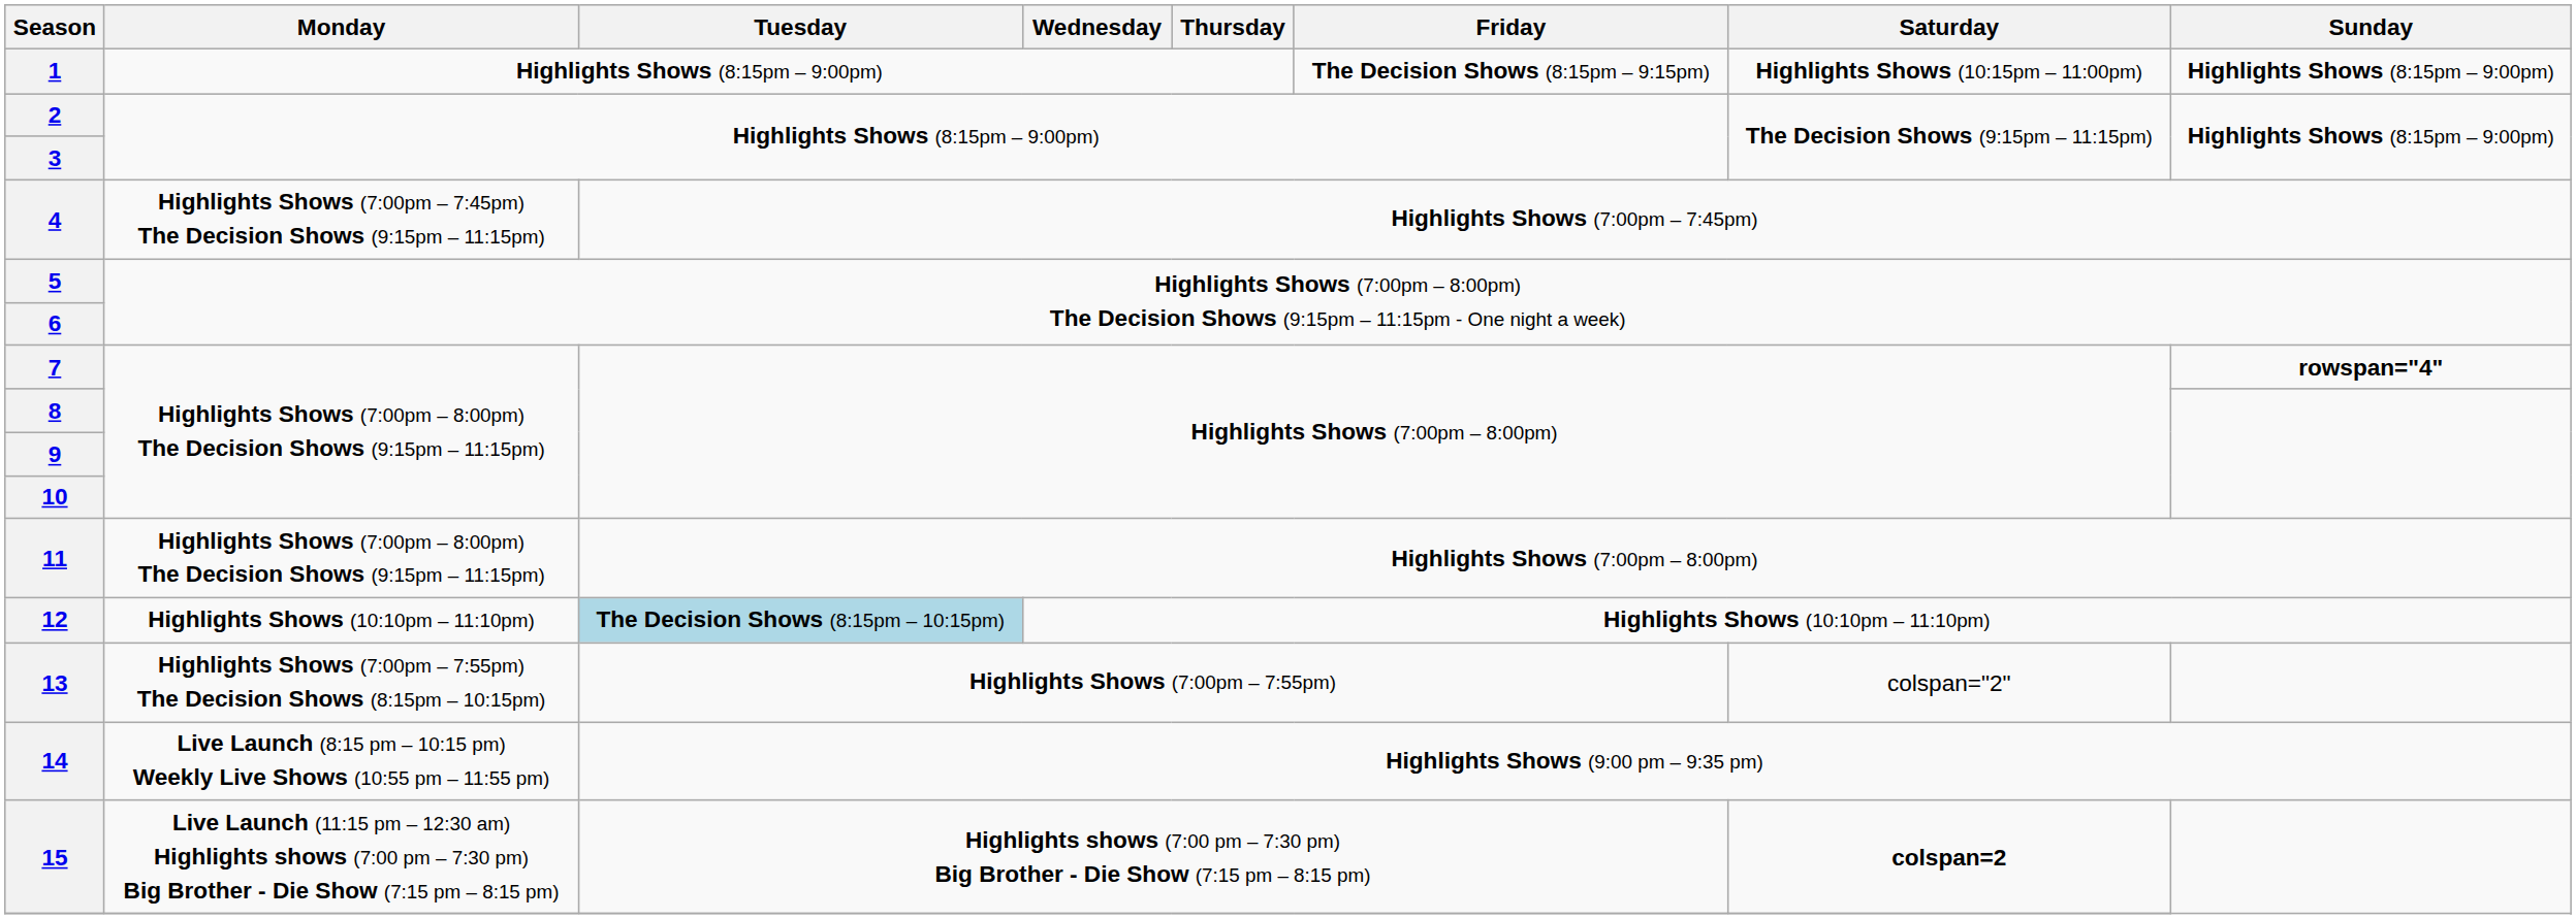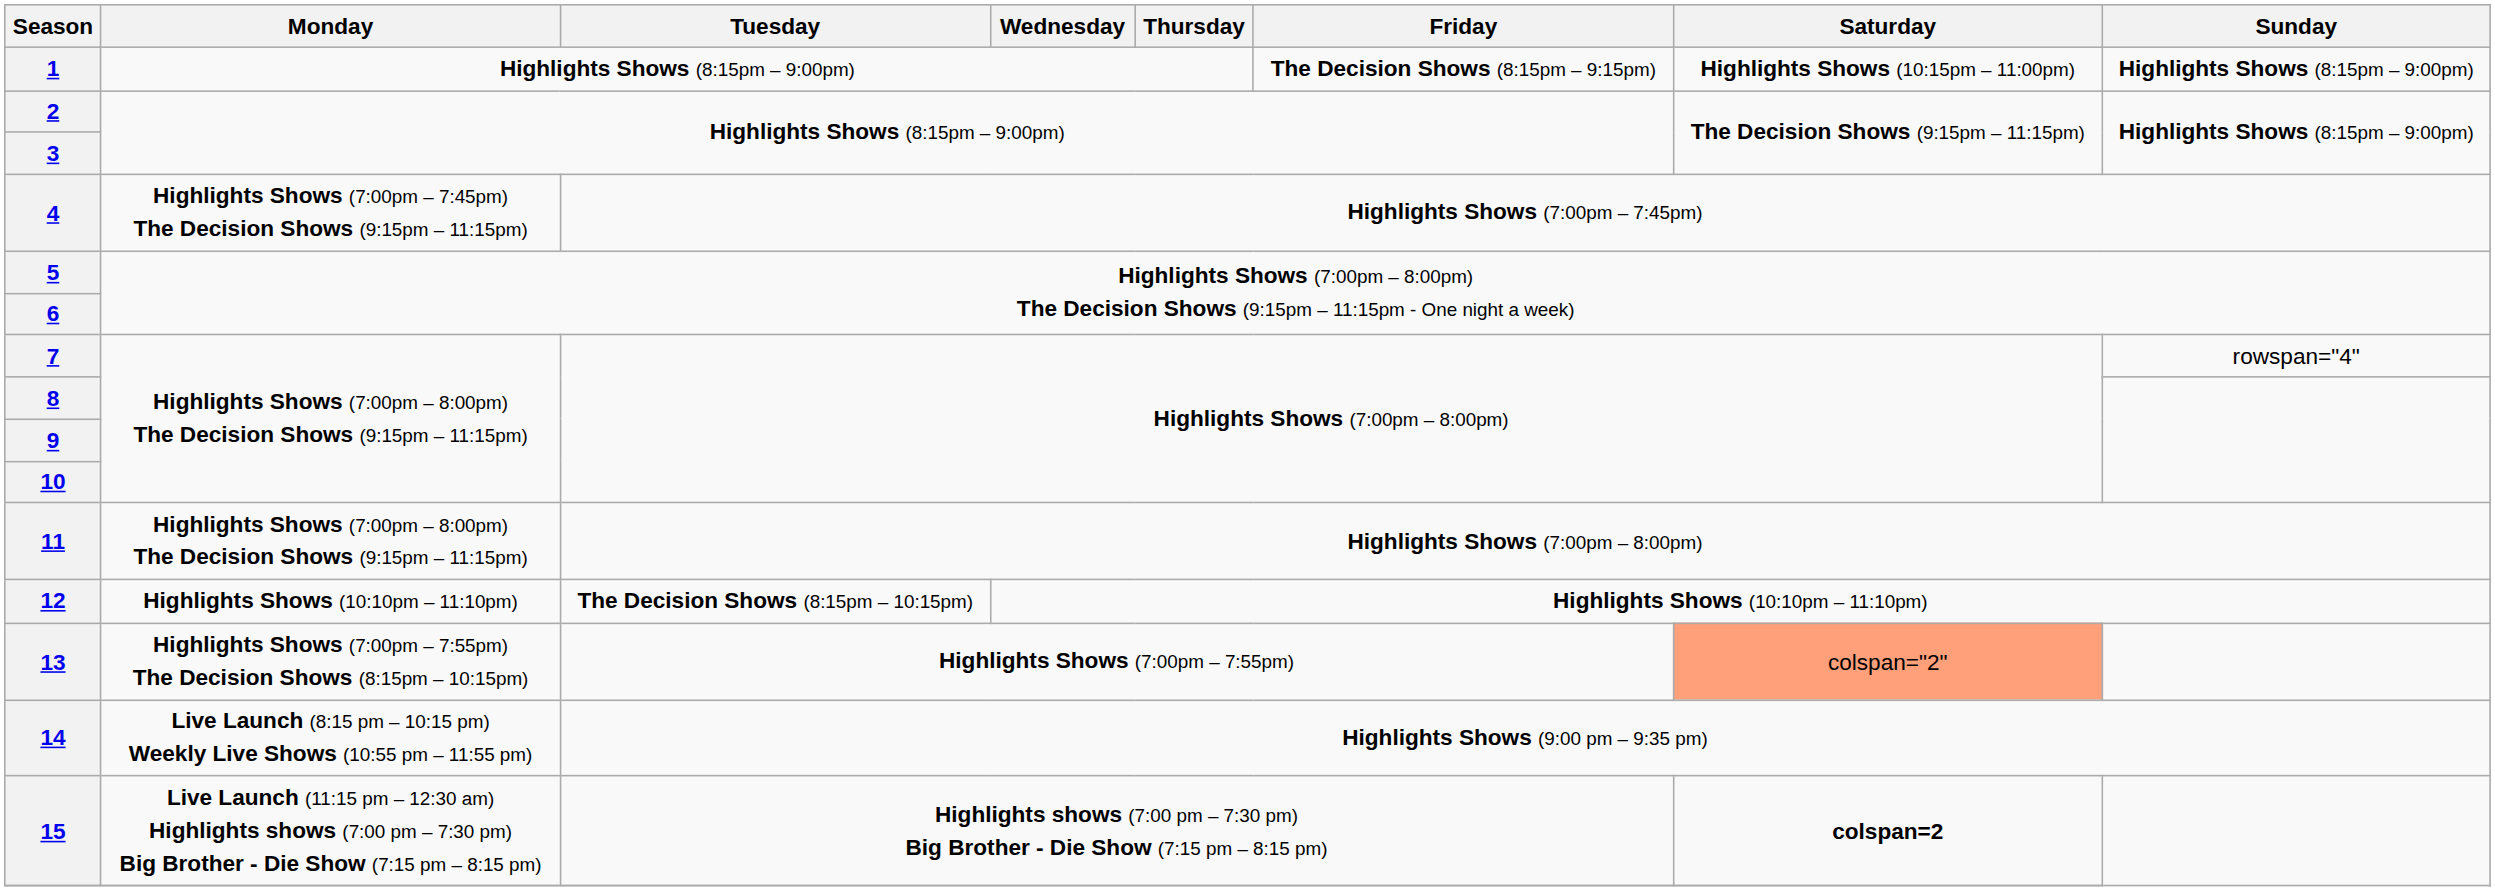 <table class="wikitable" style="text-align:center; font-size:90%; line-height:20px" width="100%">
 <tr>
 <th>Season</th>
 <th>Monday</th>
 <th>Tuesday</th>
 <th>Wednesday</th>
 <th>Thursday</th>
 <th>Friday</th>
 <th>Saturday</th>
 <th>Sunday</th>
 </tr>
 <tr>
 <th><a href='#'>1</a></th>
 <td colspan="4"><strong>Highlights Shows</strong> <small>(8:15pm – 9:00pm)</small></td>
 <td><strong>The Decision Shows</strong> <small>(8:15pm – 9:15pm)</small></td>
 <td><strong>Highlights Shows</strong> <small>(10:15pm – 11:00pm)</small></td>
 <td><strong>Highlights Shows</strong> <small>(8:15pm – 9:00pm)</small></td>
 </tr>
 <tr>
 <th><a href='#'>2</a></th>
 <td colspan="5" rowspan="2"><strong>Highlights Shows</strong> <small>(8:15pm – 9:00pm)</small></td>
 <td rowspan="2"><strong>The Decision Shows</strong> <small>(9:15pm – 11:15pm)</small></td>
 <td rowspan="2"><strong>Highlights Shows</strong> <small>(8:15pm – 9:00pm)</small></td>
 </tr>
 <tr>
 <th><a href='#'>3</a></th>
 </tr>
 <tr>
 <th><a href='#'>4</a></th>
 <td><strong>Highlights Shows</strong> <small>(7:00pm – 7:45pm)</small><br><strong>The Decision Shows</strong> <small>(9:15pm – 11:15pm)</small></td>
 <td colspan="6"><strong>Highlights Shows</strong> <small>(7:00pm – 7:45pm)</small></td>
 </tr>
 <tr>
 <th><a href='#'>5</a></th>
 <td colspan="7" rowspan="2"><strong>Highlights Shows</strong> <small>(7:00pm – 8:00pm)</small><br><strong>The Decision Shows</strong> <small>(9:15pm – 11:15pm - One night a week)</small></td>
 </tr>
 <tr>
 <th><a href='#'>6</a></th>
 </tr>
 <tr>
 <th><a href='#'>7</a></th>
 <td rowspan="4"><strong>Highlights Shows</strong> <small>(7:00pm – 8:00pm)</small><br><strong>The Decision Shows</strong> <small>(9:15pm – 11:15pm)</small></td>
 <td rowspan="4" colspan="5"><strong>Highlights Shows</strong> <small>(7:00pm – 8:00pm)</small></td>
-<td><strong>rowspan="4" </strong></td>
+<td>rowspan="4" </td>
 </tr>
 <tr>
 <th><a href='#'>8</a></th>
 </tr>
 <tr>
 <th><a href='#'>9</a></th>
 </tr>
 <tr>
 <th><a href='#'>10</a></th>
 </tr>
 <tr>
 <th><a href='#'>11</a></th>
 <td><strong>Highlights Shows</strong> <small>(7:00pm – 8:00pm)</small><br><strong>The Decision Shows</strong> <small>(9:15pm – 11:15pm)</small></td>
 <td colspan="6"><strong>Highlights Shows</strong> <small>(7:00pm – 8:00pm)</small></td>
 </tr>
 <tr>
 <th><a href='#'>12</a></th>
 <td><strong>Highlights Shows</strong> <small>(10:10pm – 11:10pm)</small></td>
-<td style="background: lightblue;"><strong>The Decision Shows</strong> <small>(8:15pm – 10:15pm)</small></td>
+<td><strong>The Decision Shows</strong> <small>(8:15pm – 10:15pm)</small></td>
 <td colspan="5"><strong>Highlights Shows</strong> <small>(10:10pm – 11:10pm)</small></td>
 </tr>
 <tr>
 <th><a href='#'>13</a></th>
 <td><strong>Highlights Shows</strong> <small>(7:00pm – 7:55pm)</small><br><strong>The Decision Shows</strong> <small>(8:15pm – 10:15pm)</small></td>
 <td colspan="4"><strong>Highlights Shows</strong> <small>(7:00pm – 7:55pm)</small></td>
-<td>colspan="2" </td>
+<td style="background: lightsalmon;">colspan="2" </td>
 </tr>
 <tr>
 <th><a href='#'>14</a></th>
 <td><strong>Live Launch</strong> <small>(8:15 pm – 10:15 pm)</small><br><strong>Weekly Live Shows</strong> <small>(10:55 pm – 11:55 pm)</small></td>
 <td colspan="6"><strong>Highlights Shows</strong> <small>(9:00 pm – 9:35 pm)</small></td>
 </tr>
 <tr>
 <th><a href='#'>15</a></th>
 <td><strong>Live Launch</strong> <small>(11:15 pm – 12:30 am)</small><br><strong>Highlights shows</strong> <small>(7:00 pm – 7:30 pm)</small><br><strong>Big Brother - Die Show</strong> <small>(7:15 pm – 8:15 pm)</small></td>
 <td colspan=4><strong>Highlights shows</strong> <small>(7:00 pm – 7:30 pm)</small><br><strong>Big Brother - Die Show</strong> <small>(7:15 pm – 8:15 pm)</small></td>
 <td><strong>colspan=2 </strong></td>
 </tr>
 <tr>
 </tr>
 </table>
